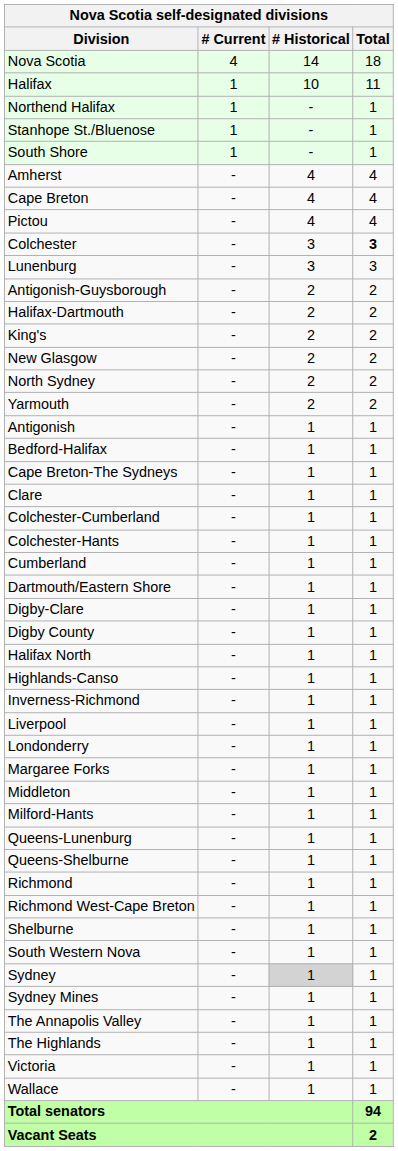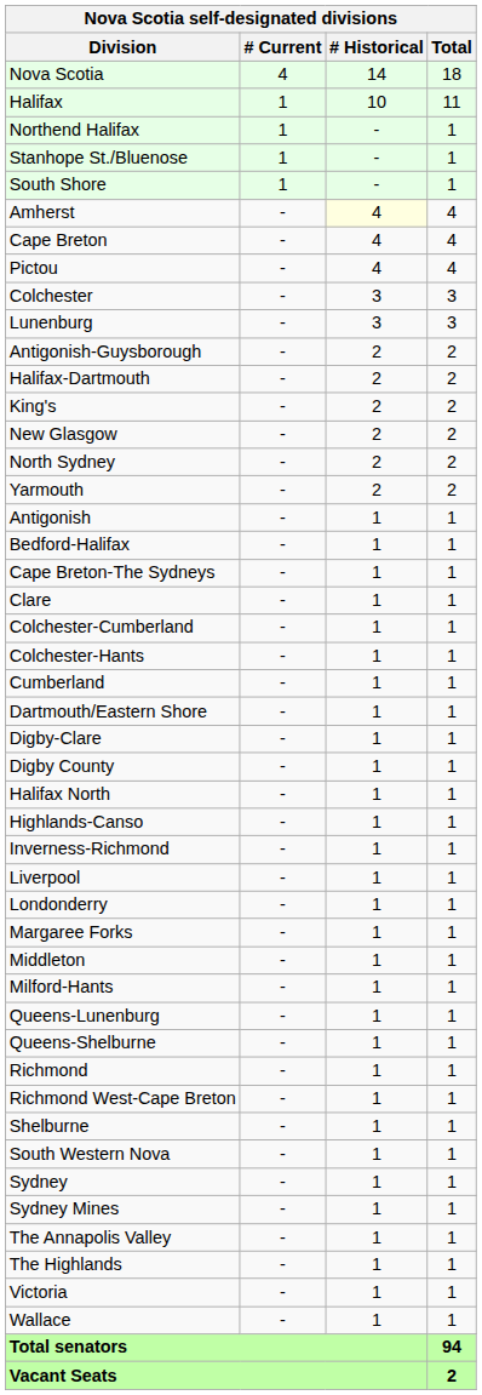 <table class="wikitable collapsible collapsed">
 <tr>
 <th colspan="4" align="center"><strong>Nova Scotia self-designated divisions</strong></th>
 </tr>
 <tr>
 <th align=left>Division</th>
 <th align=center># Current</th>
 <th align=center># Historical</th>
 <th align=center>Total</th>
 </tr>
 <tr bgcolor="#E6FFE6">
 <td align=left>Nova Scotia</td>
 <td align=center>4</td>
 <td align=center>14</td>
 <td align=center>18</td>
 </tr>
 <tr bgcolor="#E6FFE6">
 <td align=left>Halifax</td>
 <td align=center>1</td>
 <td align=center>10</td>
 <td align=center>11</td>
 </tr>
 <tr bgcolor="#E6FFE6">
 <td align=left>Northend Halifax</td>
 <td align=center>1</td>
 <td align=center>-</td>
 <td align=center>1</td>
 </tr>
 <tr bgcolor="#E6FFE6">
 <td align=left>Stanhope St./Bluenose</td>
 <td align=center>1</td>
 <td align=center>-</td>
 <td align=center>1</td>
 </tr>
 <tr bgcolor="#E6FFE6">
 <td align=left>South Shore</td>
 <td align=center>1</td>
 <td align=center>-</td>
 <td align=center>1</td>
 </tr>
 <tr>
 <td align=left>Amherst</td>
 <td align=center>-</td>
-<td align=center>4</td>
+<td align=center style="background: lightyellow;">4</td>
 <td align=center>4</td>
 </tr>
 <tr>
 <td align=left>Cape Breton</td>
 <td align=center>-</td>
 <td align=center>4</td>
 <td align=center>4</td>
 </tr>
 <tr>
 <td align=left>Pictou</td>
 <td align=center>-</td>
 <td align=center>4</td>
 <td align=center>4</td>
 </tr>
 <tr>
 <td align=left>Colchester</td>
 <td align=center>-</td>
 <td align=center>3</td>
-<td align=center><strong>3</strong></td>
+<td align=center>3</td>
 </tr>
 <tr>
 <td align=left>Lunenburg</td>
 <td align=center>-</td>
 <td align=center>3</td>
 <td align=center>3</td>
 </tr>
 <tr>
 <td align=left>Antigonish-Guysborough</td>
 <td align=center>-</td>
 <td align=center>2</td>
 <td align=center>2</td>
 </tr>
 <tr>
 <td align=left>Halifax-Dartmouth</td>
 <td align=center>-</td>
 <td align=center>2</td>
 <td align=center>2</td>
 </tr>
 <tr>
 <td align=left>King's</td>
 <td align=center>-</td>
 <td align=center>2</td>
 <td align=center>2</td>
 </tr>
 <tr>
 <td align=left>New Glasgow</td>
 <td align=center>-</td>
 <td align=center>2</td>
 <td align=center>2</td>
 </tr>
 <tr>
 <td align=left>North Sydney</td>
 <td align=center>-</td>
 <td align=center>2</td>
 <td align=center>2</td>
 </tr>
 <tr>
 <td align=left>Yarmouth</td>
 <td align=center>-</td>
 <td align=center>2</td>
 <td align=center>2</td>
 </tr>
 <tr>
 <td align=left>Antigonish</td>
 <td align=center>-</td>
 <td align=center>1</td>
 <td align=center>1</td>
 </tr>
 <tr>
 <td align=left>Bedford-Halifax</td>
 <td align=center>-</td>
 <td align=center>1</td>
 <td align=center>1</td>
 </tr>
 <tr>
 <td align=left>Cape Breton-The Sydneys</td>
 <td align=center>-</td>
 <td align=center>1</td>
 <td align=center>1</td>
 </tr>
 <tr>
 <td align=left>Clare</td>
 <td align=center>-</td>
 <td align=center>1</td>
 <td align=center>1</td>
 </tr>
 <tr>
 <td align=left>Colchester-Cumberland</td>
 <td align=center>-</td>
 <td align=center>1</td>
 <td align=center>1</td>
 </tr>
 <tr>
 <td align=left>Colchester-Hants</td>
 <td align=center>-</td>
 <td align=center>1</td>
 <td align=center>1</td>
 </tr>
 <tr>
 <td align=left>Cumberland</td>
 <td align=center>-</td>
 <td align=center>1</td>
 <td align=center>1</td>
 </tr>
 <tr>
 <td align=left>Dartmouth/Eastern Shore</td>
 <td align=center>-</td>
 <td align=center>1</td>
 <td align=center>1</td>
 </tr>
 <tr>
 <td align=left>Digby-Clare</td>
 <td align=center>-</td>
 <td align=center>1</td>
 <td align=center>1</td>
 </tr>
 <tr>
 <td align=left>Digby County</td>
 <td align=center>-</td>
 <td align=center>1</td>
 <td align=center>1</td>
 </tr>
 <tr>
 <td align=left>Halifax North</td>
 <td align=center>-</td>
 <td align=center>1</td>
 <td align=center>1</td>
 </tr>
 <tr>
 <td align=left>Highlands-Canso</td>
 <td align=center>-</td>
 <td align=center>1</td>
 <td align=center>1</td>
 </tr>
 <tr>
 <td align=left>Inverness-Richmond</td>
 <td align=center>-</td>
 <td align=center>1</td>
 <td align=center>1</td>
 </tr>
 <tr>
 <td align=left>Liverpool</td>
 <td align=center>-</td>
 <td align=center>1</td>
 <td align=center>1</td>
 </tr>
 <tr>
 <td align=left>Londonderry</td>
 <td align=center>-</td>
 <td align=center>1</td>
 <td align=center>1</td>
 </tr>
 <tr>
 <td align=left>Margaree Forks</td>
 <td align=center>-</td>
 <td align=center>1</td>
 <td align=center>1</td>
 </tr>
 <tr>
 <td align=left>Middleton</td>
 <td align=center>-</td>
 <td align=center>1</td>
 <td align=center>1</td>
 </tr>
 <tr>
 <td align=left>Milford-Hants</td>
 <td align=center>-</td>
 <td align=center>1</td>
 <td align=center>1</td>
 </tr>
 <tr>
 <td align=left>Queens-Lunenburg</td>
 <td align=center>-</td>
 <td align=center>1</td>
 <td align=center>1</td>
 </tr>
 <tr>
 <td align=left>Queens-Shelburne</td>
 <td align=center>-</td>
 <td align=center>1</td>
 <td align=center>1</td>
 </tr>
 <tr>
 <td align=left>Richmond</td>
 <td align=center>-</td>
 <td align=center>1</td>
 <td align=center>1</td>
 </tr>
 <tr>
 <td align=left>Richmond West-Cape Breton</td>
 <td align=center>-</td>
 <td align=center>1</td>
 <td align=center>1</td>
 </tr>
 <tr>
 <td align=left>Shelburne</td>
 <td align=center>-</td>
 <td align=center>1</td>
 <td align=center>1</td>
 </tr>
 <tr>
 <td align=left>South Western Nova</td>
 <td align=center>-</td>
 <td align=center>1</td>
 <td align=center>1</td>
 </tr>
 <tr>
 <td align=left>Sydney</td>
 <td align=center>-</td>
-<td align=center style="background: lightgrey;">1</td>
+<td align=center>1</td>
 <td align=center>1</td>
 </tr>
 <tr>
 <td align=left>Sydney Mines</td>
 <td align=center>-</td>
 <td align=center>1</td>
 <td align=center>1</td>
 </tr>
 <tr>
 <td align=left>The Annapolis Valley</td>
 <td align=center>-</td>
 <td align=center>1</td>
 <td align=center>1</td>
 </tr>
 <tr>
 <td align=left>The Highlands</td>
 <td align=center>-</td>
 <td align=center>1</td>
 <td align=center>1</td>
 </tr>
 <tr>
 <td align=left>Victoria</td>
 <td align=center>-</td>
 <td align=center>1</td>
 <td align=center>1</td>
 </tr>
 <tr>
 <td align=left>Wallace</td>
 <td align=center>-</td>
 <td align=center>1</td>
 <td align=center>1</td>
 </tr>
 <tr bgcolor=#C0FFA6>
 <td align=left colspan=3><strong>Total senators</strong></td>
 <td align=center><strong>94</strong></td>
 </tr>
 <tr bgcolor=#C0FFA6>
 <td align=left colspan=3><strong>Vacant Seats</strong></td>
 <td align=center><strong>2</strong></td>
 </tr>
 </table>
